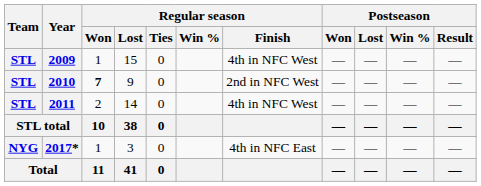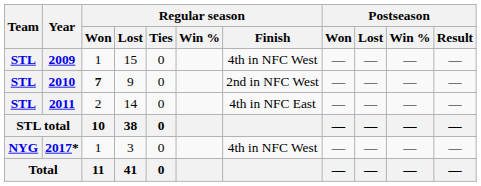 <table class="wikitable" style="font-size: 95%; text-align:center;">
 <tr>
 <th rowspan="2">Team</th>
 <th rowspan="2">Year</th>
 <th colspan="5">Regular season</th>
 <th colspan="4">Postseason</th>
 </tr>
 <tr>
 <th>Won</th>
 <th>Lost</th>
 <th>Ties</th>
 <th>Win %</th>
 <th>Finish</th>
 <th>Won</th>
 <th>Lost</th>
 <th>Win %</th>
 <th>Result</th>
 </tr>
 <tr>
 <th><a href='#'>STL</a></th>
 <th><a href='#'>2009</a></th>
 <td>1</td>
 <td>15</td>
 <td>0</td>
 <td></td>
 <td>4th in NFC West</td>
 <td>—</td>
 <td>—</td>
 <td>—</td>
 <td>—</td>
 </tr>
 <tr>
 <th><a href='#'>STL</a></th>
 <th><a href='#'>2010</a></th>
 <td><strong>7</strong></td>
 <td>9</td>
 <td>0</td>
 <td></td>
 <td>2nd in NFC West</td>
 <td>—</td>
 <td>—</td>
 <td>—</td>
 <td>—</td>
 </tr>
 <tr>
 <th><a href='#'>STL</a></th>
 <th><a href='#'>2011</a></th>
 <td>2</td>
 <td>14</td>
 <td>0</td>
 <td></td>
-<td>4th in NFC West</td>
+<td>4th in NFC East</td>
 <td>—</td>
 <td>—</td>
 <td>—</td>
 <td>—</td>
 </tr>
 <tr>
 <th colspan="2">STL total</th>
 <th>10</th>
 <th>38</th>
 <th>0</th>
 <th></th>
 <th></th>
 <th>—</th>
 <th>—</th>
 <th>—</th>
 <th>—</th>
 </tr>
 <tr>
 <th><a href='#'>NYG</a></th>
 <th><a href='#'>2017</a>*</th>
 <td>1</td>
 <td>3</td>
 <td>0</td>
 <td></td>
-<td>4th in NFC East</td>
+<td>4th in NFC West</td>
 <td>—</td>
 <td>—</td>
 <td>—</td>
 <td>—</td>
 </tr>
 <tr>
 <th colspan="2">Total</th>
 <th>11</th>
 <th>41</th>
 <th>0</th>
 <th></th>
 <th></th>
 <th>—</th>
 <th>—</th>
 <th>—</th>
 <th>—</th>
 </tr>
 </table>
